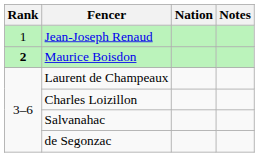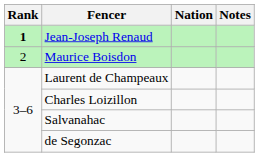 <table class="wikitable sortable" style="text-align:center">
 <tr>
 <th>Rank</th>
 <th>Fencer</th>
 <th>Nation</th>
 <th>Notes</th>
 </tr>
 <tr bgcolor=bbf3bb>
-<td>1</td>
+<td><strong>1</strong></td>
 <td align=left><a href='#'>Jean-Joseph Renaud</a></td>
 <td align=left></td>
 <td></td>
 </tr>
 <tr bgcolor=bbf3bb>
-<td><strong>2</strong></td>
+<td>2</td>
 <td align=left><a href='#'>Maurice Boisdon</a></td>
 <td align=left></td>
 <td></td>
 </tr>
 <tr>
 <td rowspan=4 align=center>3–6</td>
 <td align=left>Laurent de Champeaux</td>
 <td align=left></td>
 <td></td>
 </tr>
 <tr>
 <td align=left>Charles Loizillon</td>
 <td align=left></td>
 <td></td>
 </tr>
 <tr>
 <td align=left>Salvanahac</td>
 <td align=left></td>
 <td></td>
 </tr>
 <tr>
 <td align=left>de Segonzac</td>
 <td align=left></td>
 <td></td>
 </tr>
 </table>
